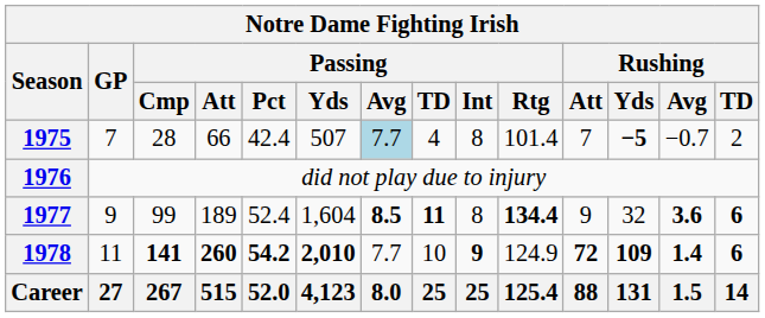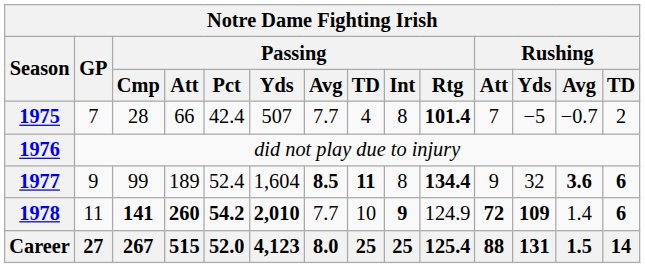 <table class="wikitable" style="text-align:center">
 <tr>
 <th colspan="14">Notre Dame Fighting Irish</th>
 </tr>
 <tr>
 <th rowspan="2">Season</th>
 <th rowspan="2">GP</th>
 <th colspan="8">Passing</th>
 <th colspan="4">Rushing</th>
 </tr>
 <tr>
 <th>Cmp</th>
 <th>Att</th>
 <th>Pct</th>
 <th>Yds</th>
 <th>Avg</th>
 <th>TD</th>
 <th>Int</th>
 <th>Rtg</th>
 <th>Att</th>
 <th>Yds</th>
 <th>Avg</th>
 <th>TD</th>
 </tr>
 <tr>
 <th><a href='#'>1975</a></th>
 <td>7</td>
 <td>28</td>
 <td>66</td>
 <td>42.4</td>
 <td>507</td>
-<td style="background: lightblue;">7.7</td>
+<td>7.7</td>
 <td>4</td>
 <td>8</td>
-<td>101.4</td>
+<td><strong>101.4</strong></td>
 <td>7</td>
-<td><strong>−5</strong></td>
+<td>−5</td>
 <td>−0.7</td>
 <td>2</td>
 </tr>
 <tr>
 <th><a href='#'>1976</a></th>
 <td colspan="13"><em>did not play due to injury</em></td>
 </tr>
 <tr>
 <th><a href='#'>1977</a></th>
 <td>9</td>
 <td>99</td>
 <td>189</td>
 <td>52.4</td>
 <td>1,604</td>
 <td><strong>8.5</strong></td>
 <td><strong>11</strong></td>
 <td>8</td>
 <td><strong>134.4</strong></td>
 <td>9</td>
 <td>32</td>
 <td><strong>3.6</strong></td>
 <td><strong>6</strong></td>
 </tr>
 <tr>
 <th><a href='#'>1978</a></th>
 <td>11</td>
 <td><strong>141</strong></td>
 <td><strong>260</strong></td>
 <td><strong>54.2</strong></td>
 <td><strong>2,010</strong></td>
 <td>7.7</td>
 <td>10</td>
 <td><strong>9</strong></td>
 <td>124.9</td>
 <td><strong>72</strong></td>
 <td><strong>109</strong></td>
-<td><strong>1.4</strong></td>
+<td>1.4</td>
 <td><strong>6</strong></td>
 </tr>
 <tr>
 <th>Career</th>
 <th>27</th>
 <th>267</th>
 <th>515</th>
 <th>52.0</th>
 <th>4,123</th>
 <th>8.0</th>
 <th>25</th>
 <th>25</th>
 <th>125.4</th>
 <th>88</th>
 <th>131</th>
 <th>1.5</th>
 <th>14</th>
 </tr>
 </table>
